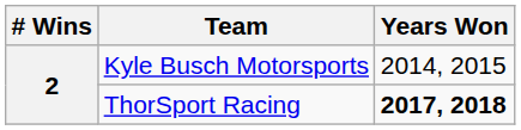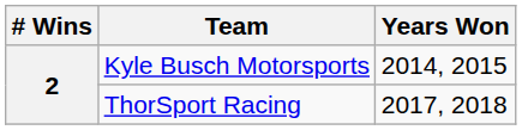 <table class="wikitable" style="font-size: 95%;">
 <tr>
 <th># Wins</th>
 <th>Team</th>
 <th>Years Won</th>
 </tr>
 <tr>
 <th rowspan="2">2</th>
 <td><a href='#'>Kyle Busch Motorsports</a></td>
 <td>2014, 2015</td>
 </tr>
 <tr>
 <td><a href='#'>ThorSport Racing</a></td>
-<td><strong>2017, 2018</strong></td>
+<td>2017, 2018</td>
 </tr>
 </table>
